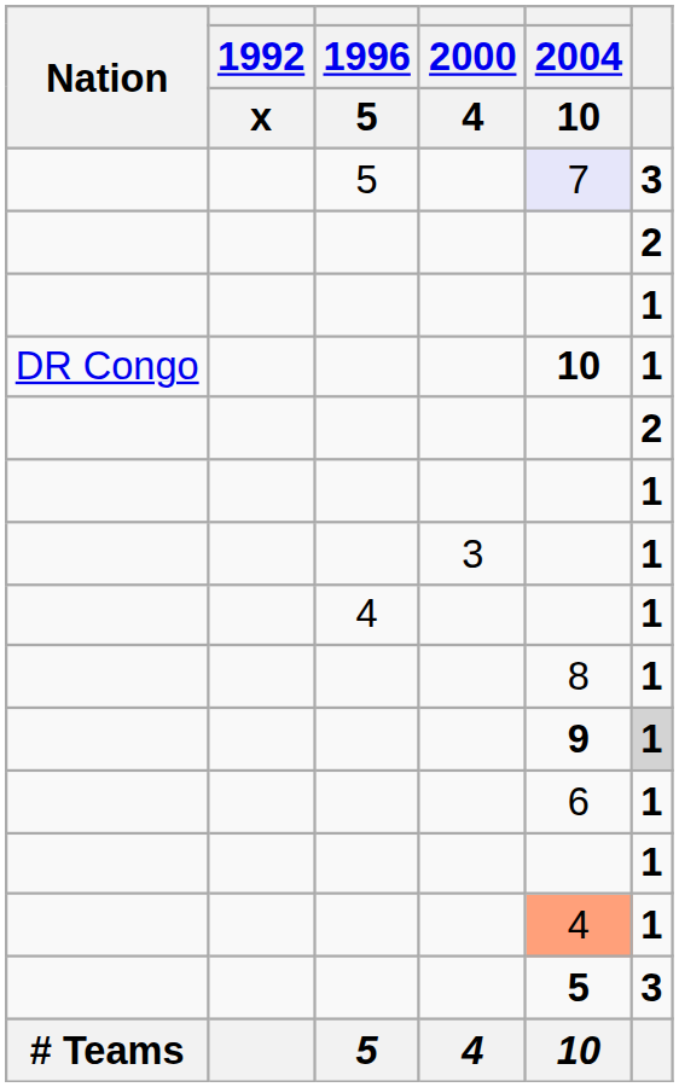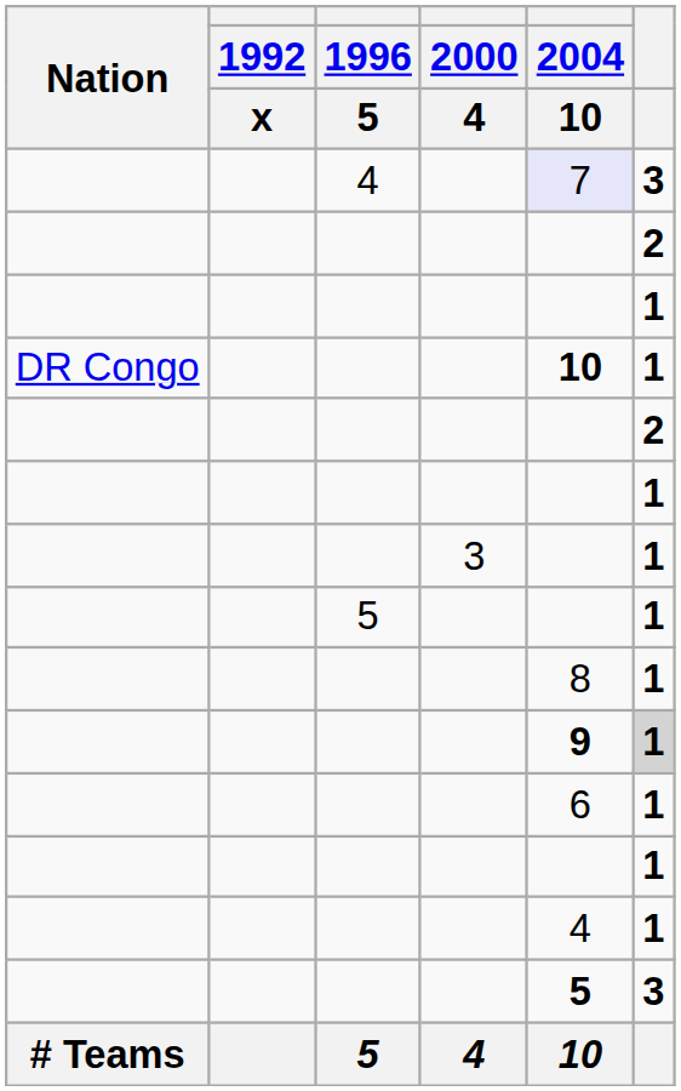 <table class="wikitable plainrowheaders sortable" style="text-align:center; font-size:90%">
 <tr>
 <th scope="col" rowspan="3" class="unsortable">Nation</th>
 <th colspan="1"></th>
 <th colspan="1"></th>
 <th colspan="1"></th>
 <th colspan="1"></th>
 <th scope="col" rowspan="2"></th>
 </tr>
 <tr>
 <th colspan="1"><a href='#'>1992</a></th>
 <th colspan="1"><a href='#'>1996</a></th>
 <th colspan="1"><a href='#'>2000</a></th>
 <th colspan="1"><a href='#'>2004</a></th>
 </tr>
 <tr>
 <th scope="col" rowspan="1">x</th>
 <th scope="col" rowspan="1">5</th>
 <th scope="col" rowspan="1">4</th>
 <th scope="col" rowspan="1">10</th>
 <th scope="col" rowspan="1"></th>
 </tr>
 <tr>
 <td align=left></td>
 <td data-sort-value="92"></td>
-<td>5</td>
+<td>4</td>
 <td data-sort-value="3"></td>
 <td style="background: lavender;">7</td>
 <td><strong>3</strong></td>
 </tr>
 <tr>
 <td align=left></td>
 <td data-sort-value="1"></td>
 <td data-sort-value="92"></td>
 <td data-sort-value="96"></td>
 <td data-sort-value="3"></td>
 <td><strong>2</strong></td>
 </tr>
 <tr>
 <td align=left></td>
 <td data-sort-value="92"></td>
 <td data-sort-value="96"></td>
 <td data-sort-value="2000"></td>
 <td data-sort-value="2"></td>
 <td><strong>1</strong></td>
 </tr>
 <tr>
 <td align=left> <a href='#'>DR Congo</a></td>
 <td data-sort-value="92"></td>
 <td data-sort-value="96"></td>
 <td data-sort-value="2000"></td>
 <td><strong>10</strong></td>
 <td><strong>1</strong></td>
 </tr>
 <tr>
 <td align=left></td>
 <td data-sort-value="92"></td>
 <td data-sort-value="1"></td>
 <td data-sort-value="1"></td>
 <td data-sort-value="2004"></td>
 <td><strong>2</strong></td>
 </tr>
 <tr>
 <td align=left></td>
 <td data-sort-value="92"></td>
 <td data-sort-value="3"></td>
 <td data-sort-value="2000"></td>
 <td data-sort-value="2004"></td>
 <td><strong>1</strong></td>
 </tr>
 <tr>
 <td align=left></td>
 <td data-sort-value="92"></td>
 <td data-sort-value="96"></td>
 <td>3</td>
 <td data-sort-value="2004"></td>
 <td><strong>1</strong></td>
 </tr>
 <tr>
 <td align=left></td>
 <td data-sort-value="92"></td>
-<td>4</td>
+<td>5</td>
 <td data-sort-value="2000"></td>
 <td data-sort-value="2004"></td>
 <td><strong>1</strong></td>
 </tr>
 <tr>
 <td align=left></td>
 <td data-sort-value="92"></td>
 <td data-sort-value="96"></td>
 <td data-sort-value="2000"></td>
 <td>8</td>
 <td><strong>1</strong></td>
 </tr>
 <tr>
 <td align=left></td>
 <td data-sort-value="92"></td>
 <td data-sort-value="96"></td>
 <td data-sort-value="2000"></td>
 <td><strong>9</strong></td>
 <td style="background: lightgrey;"><strong>1</strong></td>
 </tr>
 <tr>
 <td align=left></td>
 <td data-sort-value="92"></td>
 <td data-sort-value="96"></td>
 <td data-sort-value="2000"></td>
 <td>6</td>
 <td><strong>1</strong></td>
 </tr>
 <tr>
 <td align=left></td>
 <td data-sort-value="92"></td>
 <td data-sort-value="96"></td>
 <td data-sort-value="2000"></td>
 <td data-sort-value="1"></td>
 <td><strong>1</strong></td>
 </tr>
 <tr>
 <td align=left></td>
 <td data-sort-value="92"></td>
 <td data-sort-value="96"></td>
 <td data-sort-value="2000"></td>
-<td style="background: lightsalmon;">4</td>
+<td>4</td>
 <td><strong>1</strong></td>
 </tr>
 <tr>
 <td align=left></td>
 <td data-sort-value="92"></td>
 <td data-sort-value="2"></td>
 <td data-sort-value="2"></td>
 <td><strong>5</strong></td>
 <td><strong>3</strong></td>
 </tr>
 <tr>
 <th># Teams</th>
 <th></th>
 <th><strong><em>5</em></strong></th>
 <th><strong><em>4</em></strong></th>
 <th><strong><em>10</em></strong></th>
 <th></th>
 </tr>
 </table>
